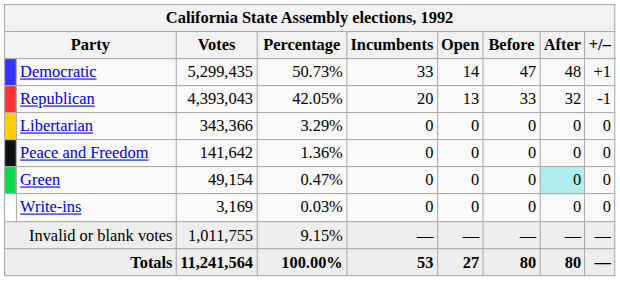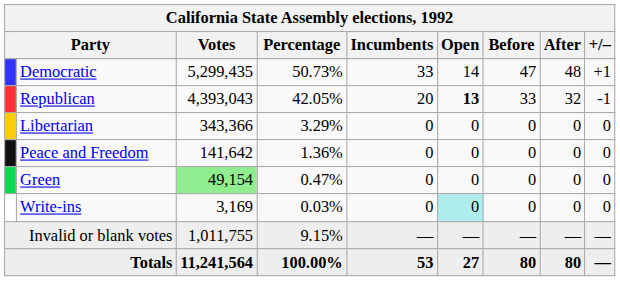 <table class="wikitable" style="font-size:95%;">
 <tr>
 <th colspan="9">California State Assembly elections, 1992</th>
 </tr>
 <tr>
 <th colspan=2 style="width: 10em">Party</th>
 <th style="width: 4em">Votes</th>
 <th style="width: 5em">Percentage</th>
 <th style="width: 5em">Incumbents</th>
 <th style="width: 2em">Open</th>
 <th style="width: 3em">Before</th>
 <th style="width: 2em">After</th>
 <th style="width: 1em">+/–</th>
 </tr>
 <tr>
 </tr>
 <tr>
 <th style="background-color:#3333FF; width: 3px"></th>
 <td style="width: 130px"><a href='#'>Democratic</a></td>
 <td align="right">5,299,435</td>
 <td align="right">50.73%</td>
 <td align="right">33</td>
 <td align="right">14</td>
 <td align="right">47</td>
 <td align="right">48</td>
 <td align="right">+1</td>
 </tr>
 <tr>
 <th style="background-color:#FF3333; width: 3px"></th>
 <td style="width: 130px"><a href='#'>Republican</a></td>
 <td align="right">4,393,043</td>
 <td align="right">42.05%</td>
 <td align="right">20</td>
-<td align="right">13</td>
+<td align="right"><strong>13</strong></td>
 <td align="right">33</td>
 <td align="right">32</td>
 <td align="right">-1</td>
 </tr>
 <tr>
 <th style="background-color:#FFCC00; width: 3px"></th>
 <td style="width: 130px"><a href='#'>Libertarian</a></td>
 <td align="right">343,366</td>
 <td align="right">3.29%</td>
 <td align="right">0</td>
 <td align="right">0</td>
 <td align="right">0</td>
 <td align="right">0</td>
 <td align="right">0</td>
 </tr>
 <tr>
 <th style="background-color:#111111; width: 3px"></th>
 <td style="width: 130px"><a href='#'>Peace and Freedom</a></td>
 <td align="right">141,642</td>
 <td align="right">1.36%</td>
 <td align="right">0</td>
 <td align="right">0</td>
 <td align="right">0</td>
 <td align="right">0</td>
 <td align="right">0</td>
 </tr>
 <tr>
 <th style="background-color:#0BDA51; width: 3px"></th>
 <td style="width: 130px"><a href='#'>Green</a></td>
-<td align="right">49,154</td>
+<td align="right" style="background: lightgreen;">49,154</td>
 <td align="right">0.47%</td>
 <td align="right">0</td>
 <td align="right">0</td>
 <td align="right">0</td>
-<td align="right" style="background: paleturquoise;">0</td>
+<td align="right">0</td>
 <td align="right">0</td>
 </tr>
 <tr>
 <th style="background-color:#FFFFFF; width: 3px"></th>
 <td style="width: 130px"><a href='#'>Write-ins</a></td>
 <td align="right">3,169</td>
 <td align="right">0.03%</td>
 <td align="right">0</td>
-<td align="right">0</td>
+<td align="right" style="background: paleturquoise;">0</td>
 <td align="right">0</td>
 <td align="right">0</td>
 <td align="right">0</td>
 </tr>
 <tr bgcolor="#EEEEEE">
 <td colspan="2" align="right">Invalid or blank votes</td>
 <td align="right">1,011,755</td>
 <td align="right">9.15%</td>
 <td align="right">—</td>
 <td align="right">—</td>
 <td align="right">—</td>
 <td align="right">—</td>
 <td align="right">—</td>
 </tr>
 <tr bgcolor="#EEEEEE">
 <td colspan="2" align="right"><strong>Totals</strong></td>
 <td align="right"><strong>11,241,564</strong></td>
 <td align="right"><strong>100.00%</strong></td>
 <td align="right"><strong>53</strong></td>
 <td align="right"><strong>27</strong></td>
 <td align="right"><strong>80</strong></td>
 <td align="right"><strong>80</strong></td>
 <td align="right"><strong>—</strong></td>
 </tr>
 </table>
